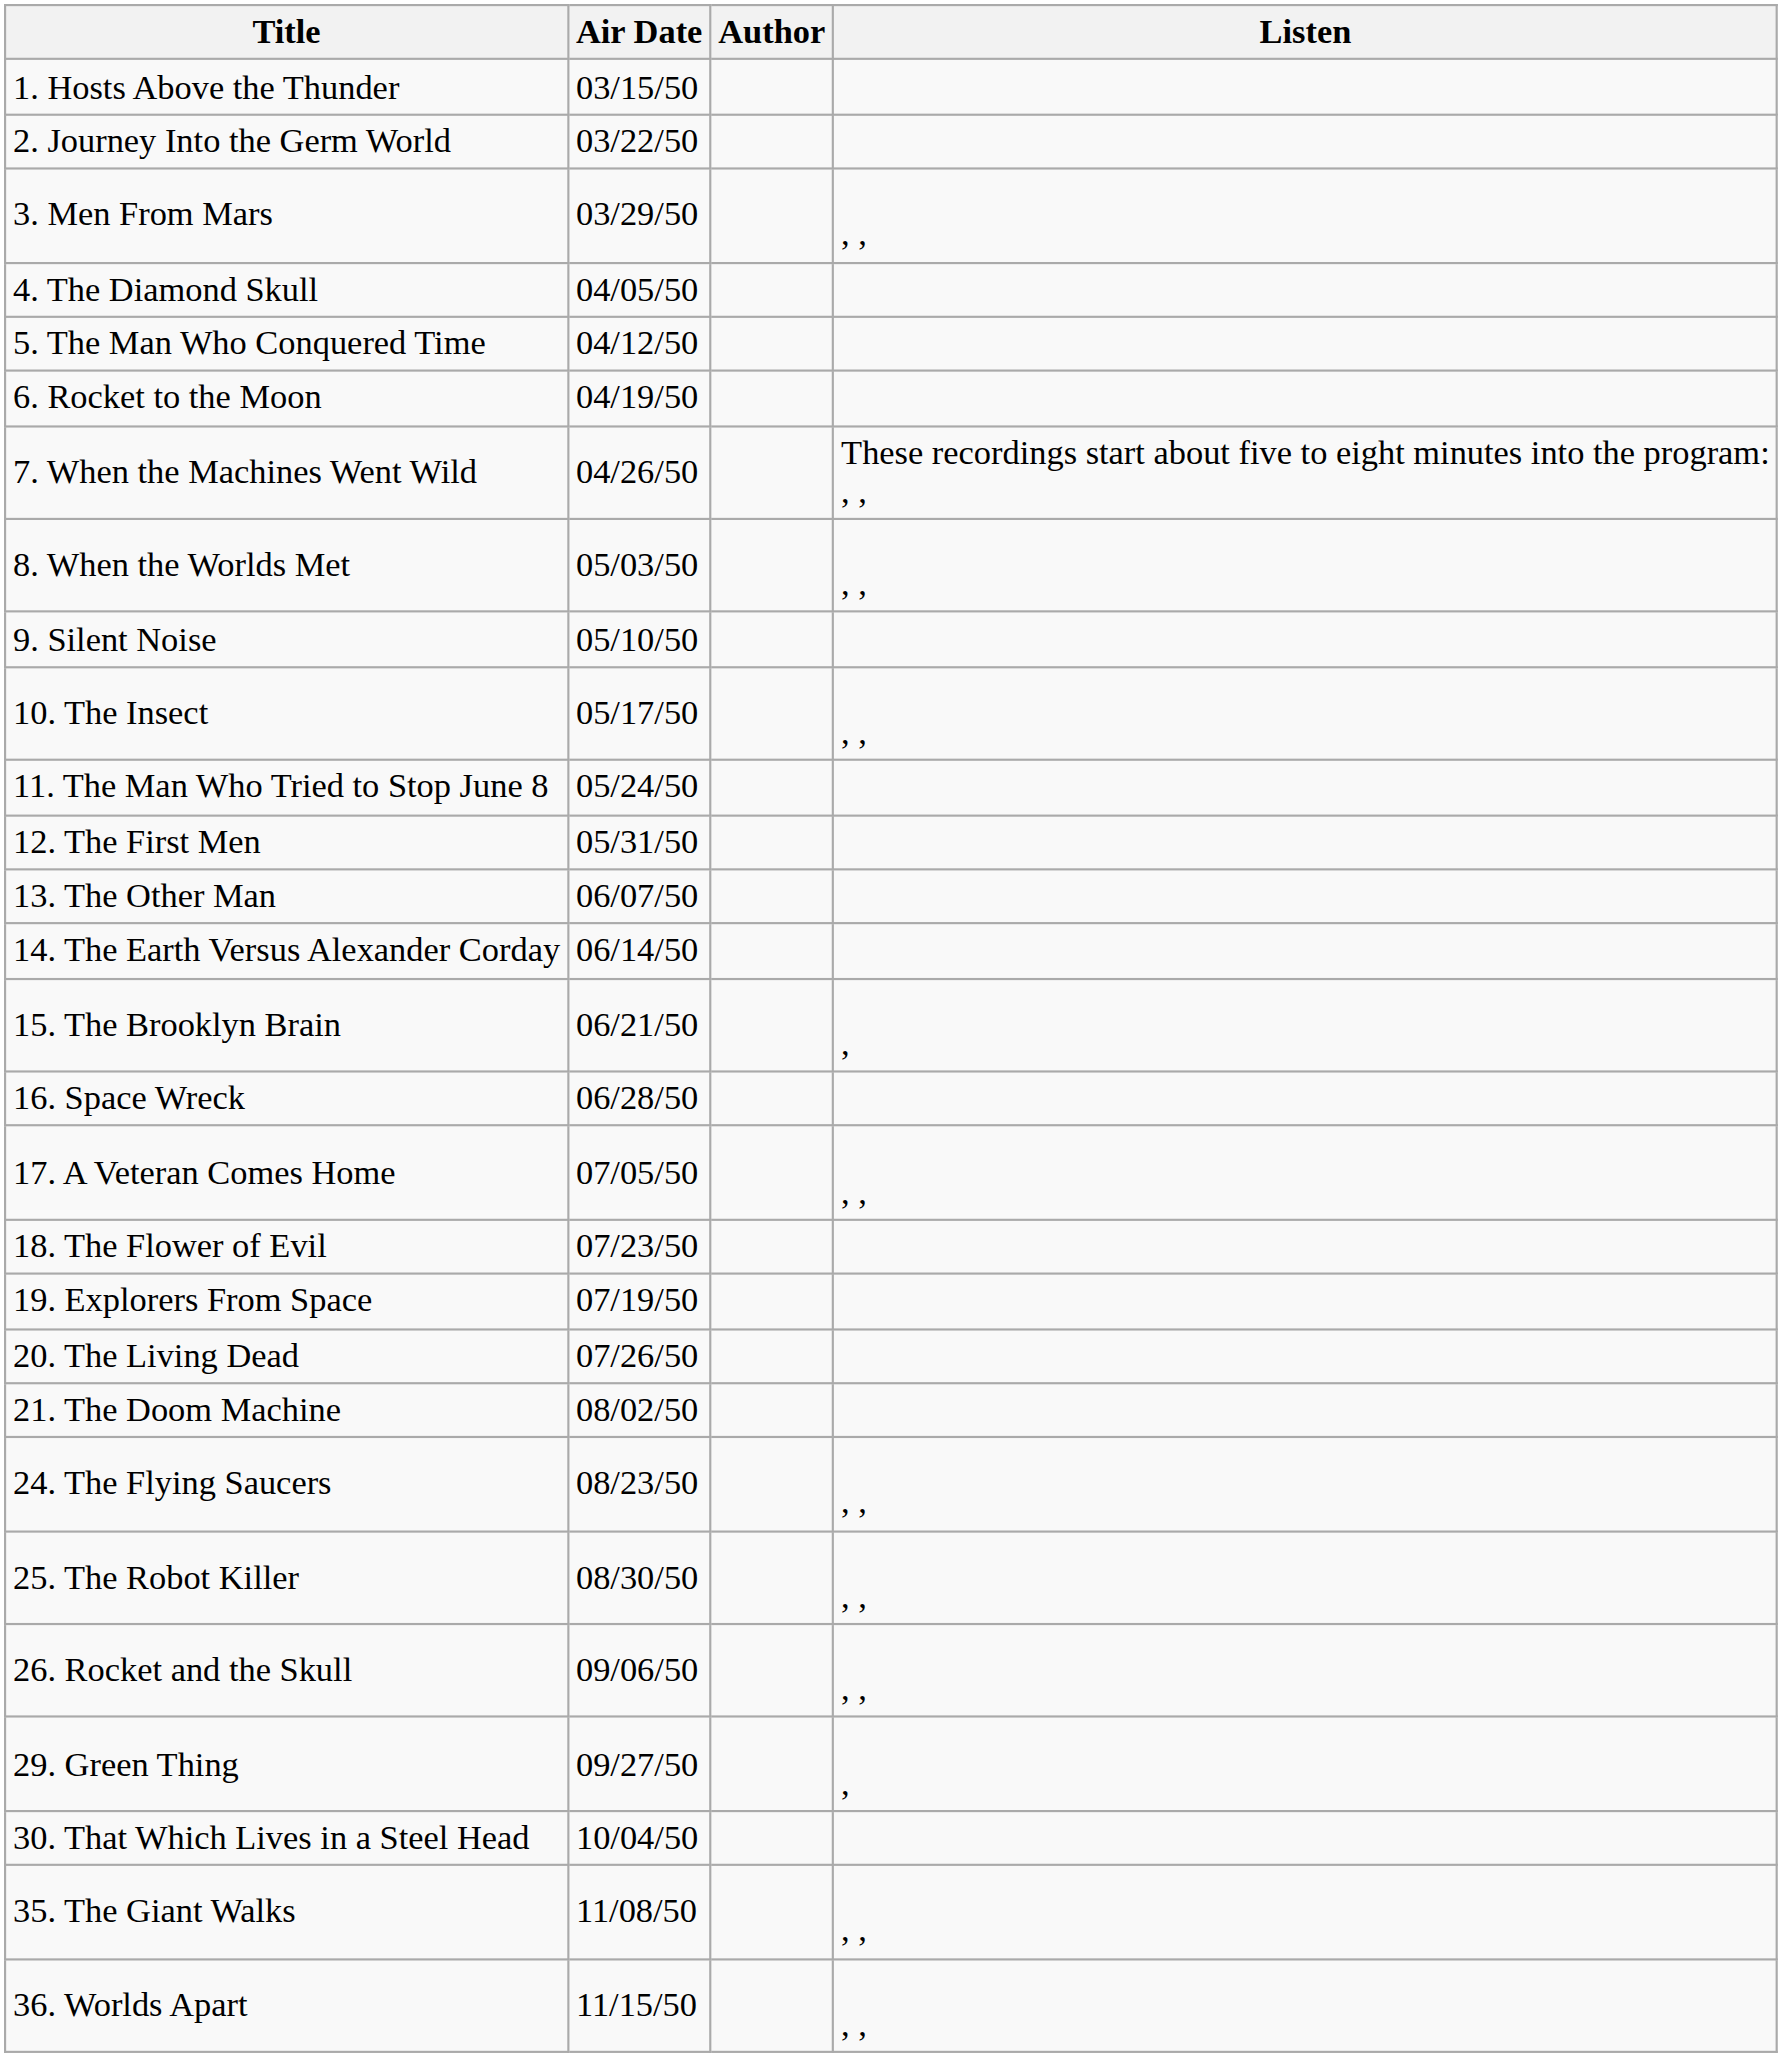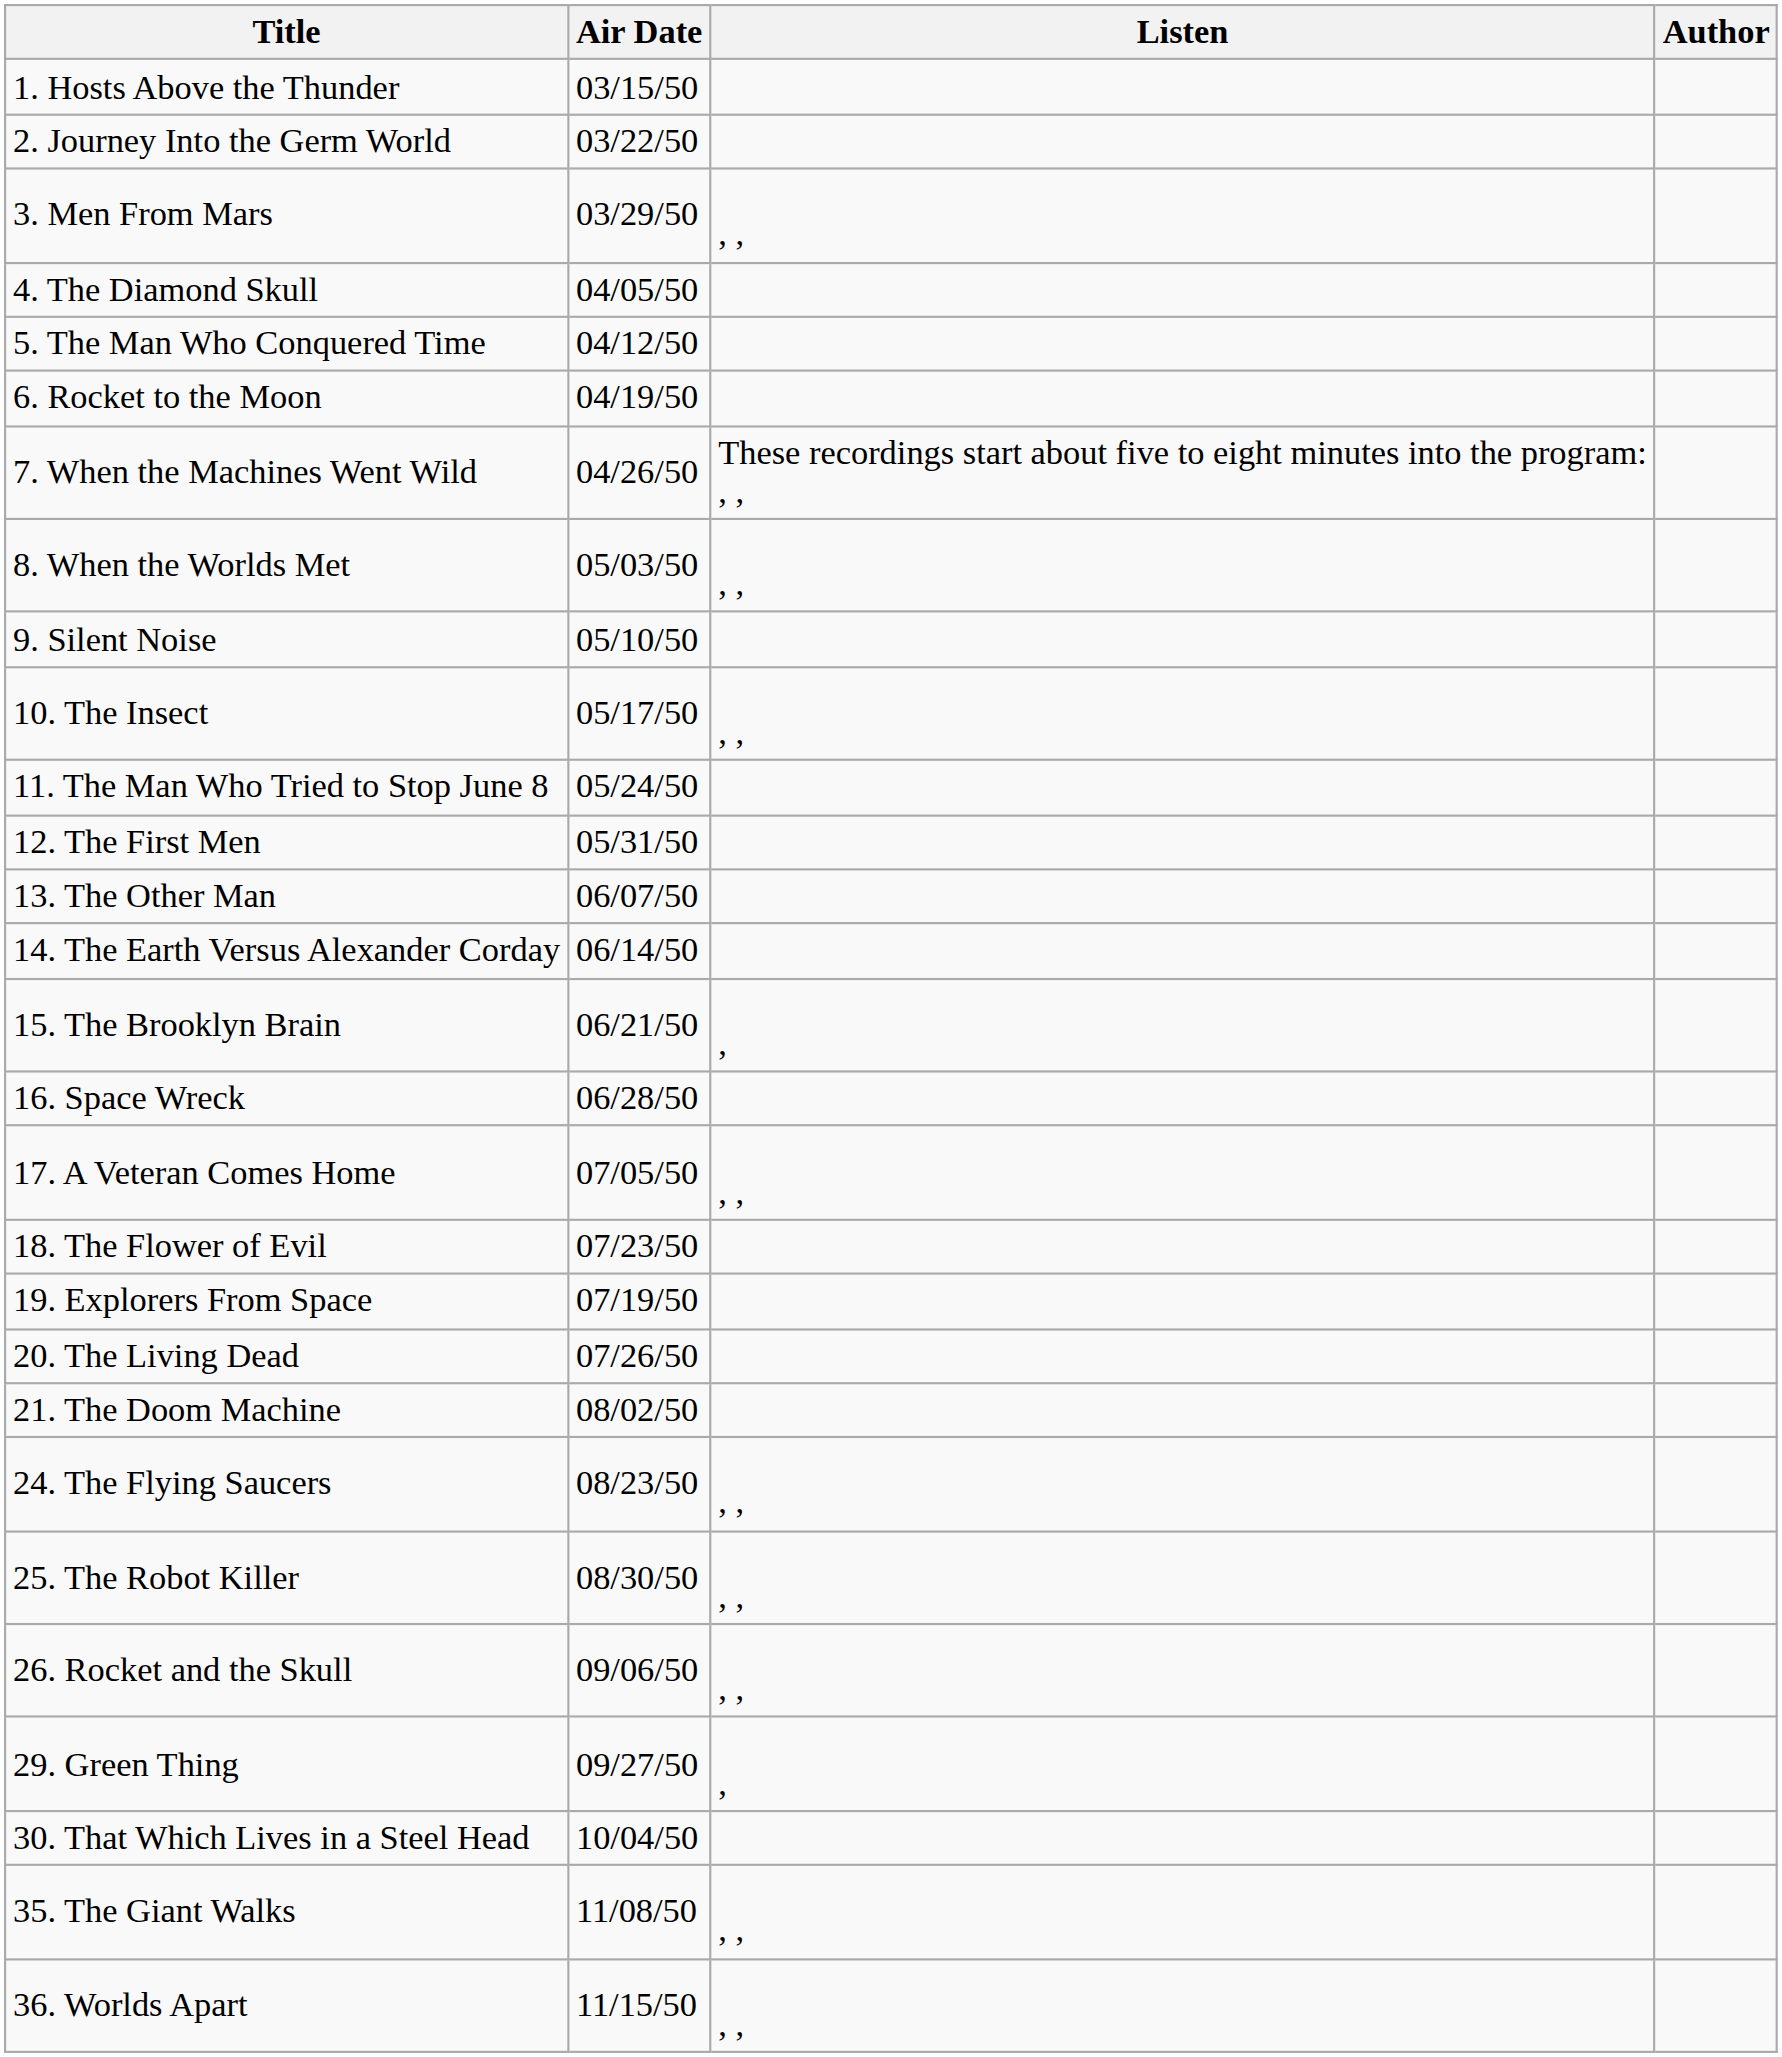 <table class="wikitable">
 <tr>
 <th>Title</th>
 <th>Air Date</th>
+<th>Listen</th>
 <th>Author</th>
-<th>Listen</th>
 </tr>
 <tr>
 <td>1. Hosts Above the Thunder</td>
 <td>03/15/50</td>
 <td></td>
 <td></td>
 </tr>
 <tr>
 <td>2. Journey Into the Germ World</td>
 <td>03/22/50</td>
 <td></td>
 <td></td>
 </tr>
 <tr>
 <td>3. Men From Mars</td>
 <td>03/29/50</td>
+<td><br>, , </td>
 <td></td>
-<td><br>, , </td>
 </tr>
 <tr>
 <td>4. The Diamond Skull</td>
 <td>04/05/50</td>
 <td></td>
 <td></td>
 </tr>
 <tr>
 <td>5. The Man Who Conquered Time</td>
 <td>04/12/50</td>
 <td></td>
 <td></td>
 </tr>
 <tr>
 <td>6. Rocket to the Moon</td>
 <td>04/19/50</td>
 <td></td>
 <td></td>
 </tr>
 <tr>
 <td>7. When the Machines Went Wild</td>
 <td>04/26/50</td>
+<td>These recordings start about five to eight minutes into the program:<br>, , </td>
 <td></td>
-<td>These recordings start about five to eight minutes into the program:<br>, , </td>
 </tr>
 <tr>
 <td>8. When the Worlds Met</td>
 <td>05/03/50</td>
+<td><br>, , </td>
 <td></td>
-<td><br>, , </td>
 </tr>
 <tr>
 <td>9. Silent Noise</td>
 <td>05/10/50</td>
 <td></td>
 <td></td>
 </tr>
 <tr>
 <td>10. The Insect</td>
 <td>05/17/50</td>
+<td><br>, , </td>
 <td></td>
-<td><br>, , </td>
 </tr>
 <tr>
 <td>11. The Man Who Tried to Stop June 8</td>
 <td>05/24/50</td>
 <td></td>
 <td></td>
 </tr>
 <tr>
 <td>12. The First Men</td>
 <td>05/31/50</td>
 <td></td>
 <td></td>
 </tr>
 <tr>
 <td>13. The Other Man</td>
 <td>06/07/50</td>
+<td><br></td>
 <td></td>
-<td><br></td>
 </tr>
 <tr>
 <td>14. The Earth Versus Alexander Corday</td>
 <td>06/14/50</td>
 <td></td>
 <td></td>
 </tr>
 <tr>
 <td>15. The Brooklyn Brain</td>
 <td>06/21/50</td>
+<td><br>, </td>
 <td></td>
-<td><br>, </td>
 </tr>
 <tr>
 <td>16. Space Wreck</td>
 <td>06/28/50</td>
 <td></td>
 <td></td>
 </tr>
 <tr>
 <td>17. A Veteran Comes Home</td>
 <td>07/05/50</td>
+<td><br>, , </td>
 <td></td>
-<td><br>, , </td>
 </tr>
 <tr>
 <td>18. The Flower of Evil</td>
 <td>07/23/50</td>
 <td></td>
 <td></td>
 </tr>
 <tr>
 <td>19. Explorers From Space</td>
 <td>07/19/50</td>
 <td></td>
 <td></td>
 </tr>
 <tr>
 <td>20. The Living Dead</td>
 <td>07/26/50</td>
 <td></td>
 <td></td>
 </tr>
 <tr>
 <td>21. The Doom Machine</td>
 <td>08/02/50</td>
 <td></td>
 <td></td>
 </tr>
 <tr>
 <td>24. The Flying Saucers</td>
 <td>08/23/50</td>
+<td><br>, , </td>
 <td></td>
-<td><br>, , </td>
 </tr>
 <tr>
 <td>25. The Robot Killer</td>
 <td>08/30/50</td>
+<td><br>, , </td>
 <td></td>
-<td><br>, , </td>
 </tr>
 <tr>
 <td>26. Rocket and the Skull</td>
 <td>09/06/50</td>
+<td><br>, , </td>
 <td></td>
-<td><br>, , </td>
 </tr>
 <tr>
 <td>29. Green Thing</td>
 <td>09/27/50</td>
+<td><br>, </td>
 <td></td>
-<td><br>, </td>
 </tr>
 <tr>
 <td>30. That Which Lives in a Steel Head</td>
 <td>10/04/50</td>
 <td></td>
 <td></td>
 </tr>
 <tr>
 <td>35. The Giant Walks</td>
 <td>11/08/50</td>
+<td><br>, , </td>
 <td></td>
-<td><br>, , </td>
 </tr>
 <tr>
 <td>36. Worlds Apart</td>
 <td>11/15/50</td>
+<td><br>, , </td>
 <td></td>
-<td><br>, , </td>
 </tr>
 </table>
